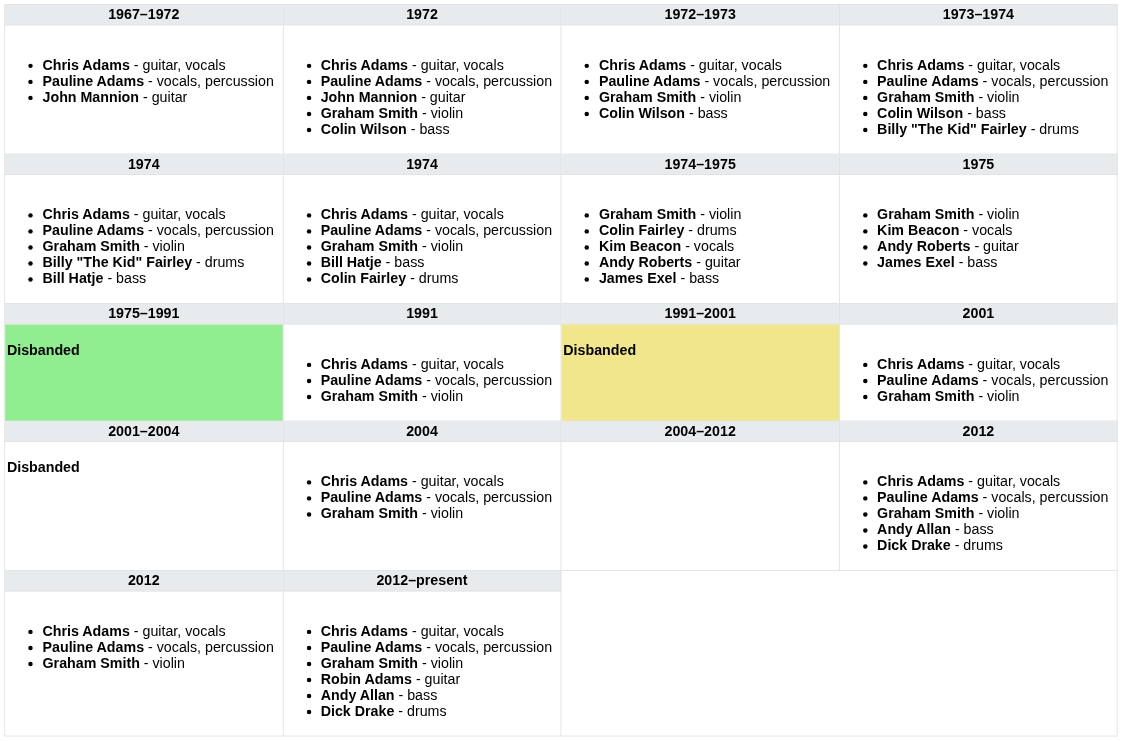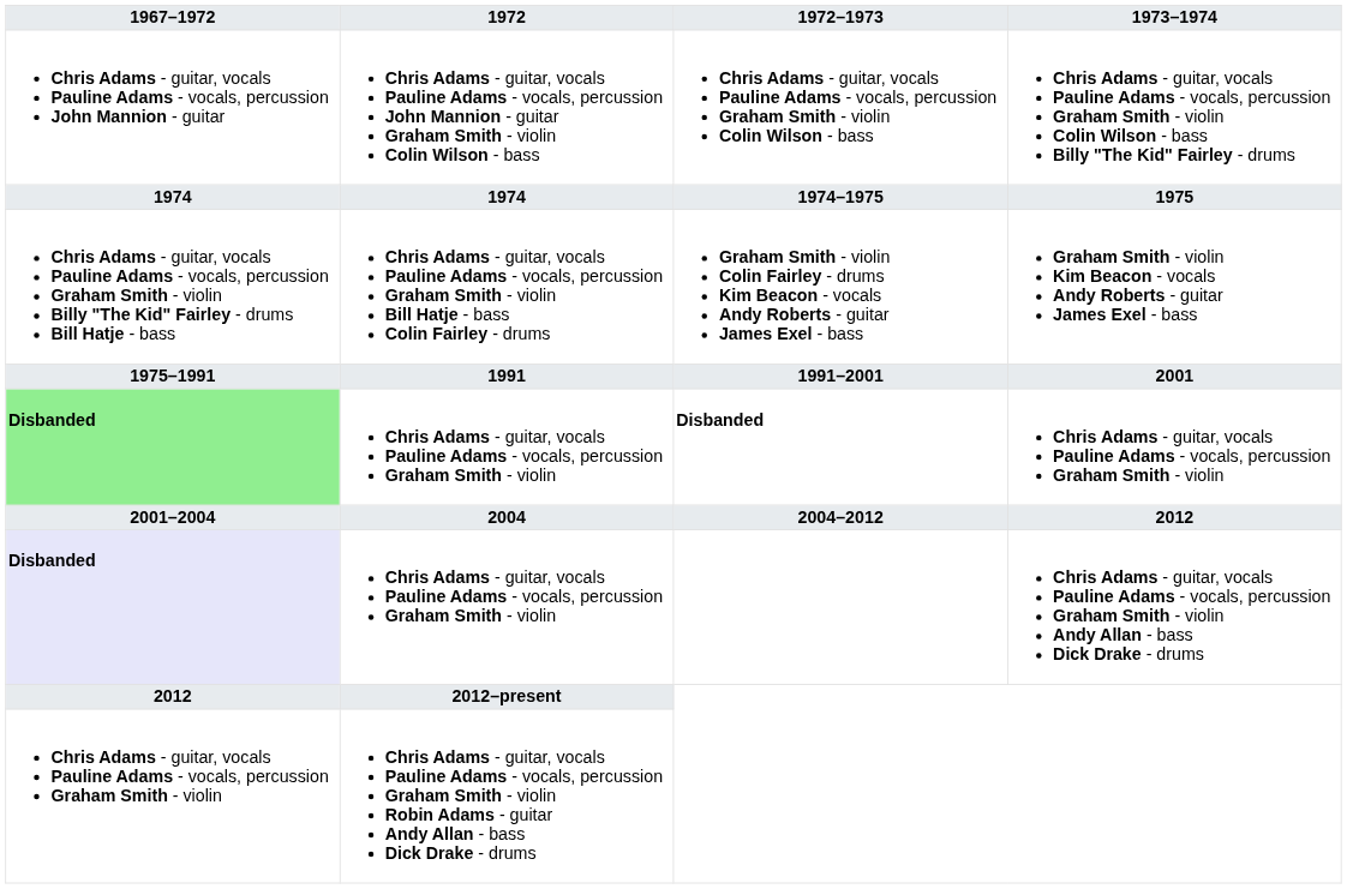 <table class="toccolours" border="1" cellpadding="2" cellspacing="0"  style="float:width:375px; margin:0 0 1em 1em; border-collapse:collapse; border:1px solid #e2e2e2; width:99%;">
 <tr>
 <th style="vertical-align:top; background:#e7ebee; width:25%;">1967–1972</th>
 <th style="vertical-align:top; background:#e7ebee; width:25%;">1972</th>
 <th style="vertical-align:top; background:#e7ebee; width:25%;">1972–1973</th>
 <th style="vertical-align:top; background:#e7ebee; width:25%;">1973–1974</th>
 </tr>
 <tr>
 <td valign=top><br><ul><li><strong>Chris Adams</strong> - guitar, vocals</li><li><strong>Pauline Adams</strong> - vocals, percussion</li><li><strong>John Mannion</strong> - guitar</li></ul></td>
 <td valign=top><br><ul><li><strong>Chris Adams</strong> - guitar, vocals</li><li><strong>Pauline Adams</strong> - vocals, percussion</li><li><strong>John Mannion</strong> - guitar</li><li><strong>Graham Smith</strong> - violin</li><li><strong>Colin Wilson</strong> - bass</li></ul></td>
 <td valign=top><br><ul><li><strong>Chris Adams</strong> - guitar, vocals</li><li><strong>Pauline Adams</strong> - vocals, percussion</li><li><strong>Graham Smith</strong> - violin</li><li><strong>Colin Wilson</strong> - bass</li></ul></td>
 <td valign=top><br><ul><li><strong>Chris Adams</strong> - guitar, vocals</li><li><strong>Pauline Adams</strong> - vocals, percussion</li><li><strong>Graham Smith</strong> - violin</li><li><strong>Colin Wilson</strong> - bass</li><li><strong>Billy "The Kid" Fairley</strong> - drums</li></ul></td>
 </tr>
 <tr>
 <th style="vertical-align:top; background:#e7ebee; width:25%;">1974</th>
 <th style="vertical-align:top; background:#e7ebee; width:25%;">1974</th>
 <th style="vertical-align:top; background:#e7ebee; width:25%;">1974–1975</th>
 <th style="vertical-align:top; background:#e7ebee; width:25%;">1975</th>
 </tr>
 <tr>
 <td valign=top><br><ul><li><strong>Chris Adams</strong> - guitar, vocals</li><li><strong>Pauline Adams</strong> - vocals, percussion</li><li><strong>Graham Smith</strong> - violin</li><li><strong>Billy "The Kid" Fairley</strong> - drums</li><li><strong>Bill Hatje</strong> - bass</li></ul></td>
 <td valign=top><br><ul><li><strong>Chris Adams</strong> - guitar, vocals</li><li><strong>Pauline Adams</strong> - vocals, percussion</li><li><strong>Graham Smith</strong> - violin</li><li><strong>Bill Hatje</strong> - bass</li><li><strong>Colin Fairley</strong> - drums</li></ul></td>
 <td valign=top><br><ul><li><strong>Graham Smith</strong> - violin</li><li><strong>Colin Fairley</strong> - drums</li><li><strong>Kim Beacon</strong> - vocals</li><li><strong>Andy Roberts</strong> - guitar</li><li><strong>James Exel</strong> - bass</li></ul></td>
 <td valign=top><br><ul><li><strong>Graham Smith</strong> - violin</li><li><strong>Kim Beacon</strong> - vocals</li><li><strong>Andy Roberts</strong> - guitar</li><li><strong>James Exel</strong> - bass</li></ul></td>
 </tr>
 <tr>
 <th style="vertical-align:top; background:#e7ebee; width:25%;">1975–1991</th>
 <th style="vertical-align:top; background:#e7ebee; width:25%;">1991</th>
 <th style="vertical-align:top; background:#e7ebee; width:25%;">1991–2001</th>
 <th style="vertical-align:top; background:#e7ebee; width:25%;">2001</th>
 </tr>
 <tr>
 <td valign=top style="background: lightgreen;"><br><strong>Disbanded</strong></td>
 <td valign=top><br><ul><li><strong>Chris Adams</strong> - guitar, vocals</li><li><strong>Pauline Adams</strong> - vocals, percussion</li><li><strong>Graham Smith</strong> - violin</li></ul></td>
-<td valign=top style="background: khaki;"><br><strong>Disbanded</strong></td>
+<td valign=top><br><strong>Disbanded</strong></td>
 <td valign=top><br><ul><li><strong>Chris Adams</strong> - guitar, vocals</li><li><strong>Pauline Adams</strong> - vocals, percussion</li><li><strong>Graham Smith</strong> - violin</li></ul></td>
 </tr>
 <tr>
 <th style="vertical-align:top; background:#e7ebee; width:25%;">2001–2004</th>
 <th style="vertical-align:top; background:#e7ebee; width:25%;">2004</th>
 <th style="vertical-align:top; background:#e7ebee; width:25%;">2004–2012</th>
 <th style="vertical-align:top; background:#e7ebee; width:25%;">2012</th>
 </tr>
 <tr>
-<td valign=top><br><strong>Disbanded</strong></td>
+<td valign=top style="background: lavender;"><br><strong>Disbanded</strong></td>
 <td valign=top><br><ul><li><strong>Chris Adams</strong> - guitar, vocals</li><li><strong>Pauline Adams</strong> - vocals, percussion</li><li><strong>Graham Smith</strong> - violin</li></ul></td>
 <td valign=top></td>
 <td valign=top><br><ul><li><strong>Chris Adams</strong> - guitar, vocals</li><li><strong>Pauline Adams</strong> - vocals, percussion</li><li><strong>Graham Smith</strong> - violin</li><li><strong>Andy Allan</strong> - bass</li><li><strong>Dick Drake</strong> - drums</li></ul></td>
 </tr>
 <tr>
 <th style="vertical-align:top; background:#e7ebee; width:25%;">2012</th>
 <th style="vertical-align:top; background:#e7ebee; width:25%;">2012–present</th>
 </tr>
 <tr>
 <td valign=top><br><ul><li><strong>Chris Adams</strong> - guitar, vocals</li><li><strong>Pauline Adams</strong> - vocals, percussion</li><li><strong>Graham Smith</strong> - violin</li></ul></td>
 <td valign=top><br><ul><li><strong>Chris Adams</strong> - guitar, vocals</li><li><strong>Pauline Adams</strong> - vocals, percussion</li><li><strong>Graham Smith</strong> - violin</li><li><strong>Robin Adams</strong> - guitar</li><li><strong>Andy Allan</strong> - bass</li><li><strong>Dick Drake</strong> - drums</li></ul></td>
 </tr>
 </table>
